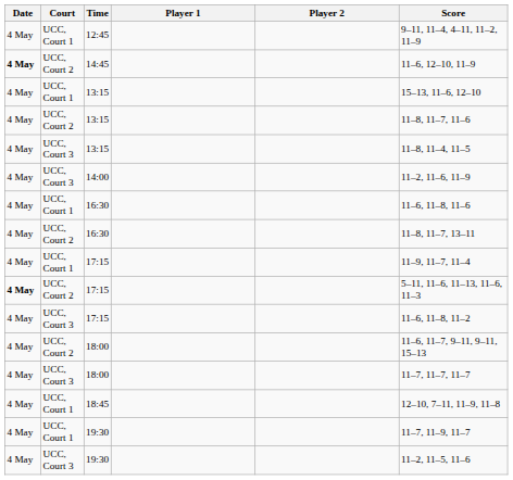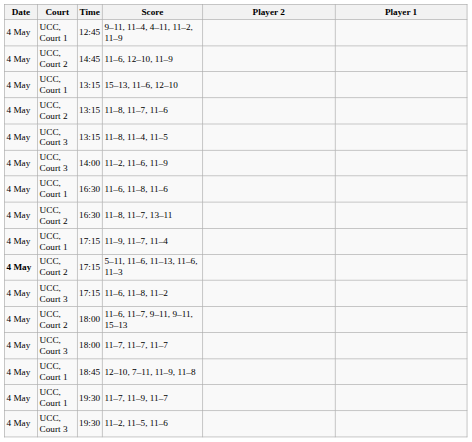 <table class="sortable wikitable" style="font-size:90%">
 <tr>
 <th width="45" class="unsortable">Date</th>
 <th width="55">Court</th>
 <th width="30">Time</th>
+<th width="150" class="unsortable">Score</th>
+<th width="200">Player 2</th>
 <th width="200">Player 1</th>
-<th width="200">Player 2</th>
-<th width="150" class="unsortable">Score</th>
 </tr>
 <tr>
 <td>4 May</td>
 <td>UCC, Court 1</td>
 <td>12:45</td>
+<td>9–11, 11–4, 4–11, 11–2, 11–9</td>
+<td><strong></strong></td>
 <td></td>
-<td><strong></strong></td>
-<td>9–11, 11–4, 4–11, 11–2, 11–9</td>
 </tr>
 <tr>
-<td><strong>4 May</strong></td>
+<td>4 May</td>
 <td>UCC, Court 2</td>
 <td>14:45</td>
+<td>11–6, 12–10, 11–9</td>
+<td><strong></strong></td>
 <td></td>
-<td><strong></strong></td>
-<td>11–6, 12–10, 11–9</td>
 </tr>
 <tr>
 <td>4 May</td>
 <td>UCC, Court 1</td>
 <td>13:15</td>
+<td>15–13, 11–6, 12–10</td>
+<td><strong></strong></td>
 <td></td>
-<td><strong></strong></td>
-<td>15–13, 11–6, 12–10</td>
 </tr>
 <tr>
 <td>4 May</td>
 <td>UCC, Court 2</td>
 <td>13:15</td>
+<td>11–8, 11–7, 11–6</td>
+<td></td>
 <td><strong></strong></td>
-<td></td>
-<td>11–8, 11–7, 11–6</td>
 </tr>
 <tr>
 <td>4 May</td>
 <td>UCC, Court 3</td>
 <td>13:15</td>
+<td>11–8, 11–4, 11–5</td>
+<td></td>
 <td><strong></strong></td>
-<td></td>
-<td>11–8, 11–4, 11–5</td>
 </tr>
 <tr>
 <td>4 May</td>
 <td>UCC, Court 3</td>
 <td>14:00</td>
+<td>11–2, 11–6, 11–9</td>
+<td></td>
 <td><strong></strong></td>
-<td></td>
-<td>11–2, 11–6, 11–9</td>
 </tr>
 <tr>
 <td>4 May</td>
 <td>UCC, Court 1</td>
 <td>16:30</td>
+<td>11–6, 11–8, 11–6</td>
+<td><strong></strong></td>
 <td></td>
-<td><strong></strong></td>
-<td>11–6, 11–8, 11–6</td>
 </tr>
 <tr>
 <td>4 May</td>
 <td>UCC, Court 2</td>
 <td>16:30</td>
+<td>11–8, 11–7, 13–11</td>
+<td><strong></strong></td>
 <td></td>
-<td><strong></strong></td>
-<td>11–8, 11–7, 13–11</td>
 </tr>
 <tr>
 <td>4 May</td>
 <td>UCC, Court 1</td>
 <td>17:15</td>
+<td>11–9, 11–7, 11–4</td>
+<td><strong></strong></td>
 <td></td>
-<td><strong></strong></td>
-<td>11–9, 11–7, 11–4</td>
 </tr>
 <tr>
 <td><strong>4 May</strong></td>
 <td>UCC, Court 2</td>
 <td>17:15</td>
+<td>5–11, 11–6, 11–13, 11–6, 11–3</td>
+<td></td>
 <td><strong></strong></td>
-<td></td>
-<td>5–11, 11–6, 11–13, 11–6, 11–3</td>
 </tr>
 <tr>
 <td>4 May</td>
 <td>UCC, Court 3</td>
 <td>17:15</td>
+<td>11–6, 11–8, 11–2</td>
+<td><strong></strong></td>
 <td></td>
-<td><strong></strong></td>
-<td>11–6, 11–8, 11–2</td>
 </tr>
 <tr>
 <td>4 May</td>
 <td>UCC, Court 2</td>
 <td>18:00</td>
+<td>11–6, 11–7, 9–11, 9–11, 15–13</td>
+<td></td>
 <td><strong></strong></td>
-<td></td>
-<td>11–6, 11–7, 9–11, 9–11, 15–13</td>
 </tr>
 <tr>
 <td>4 May</td>
 <td>UCC, Court 3</td>
 <td>18:00</td>
+<td>11–7, 11–7, 11–7</td>
+<td></td>
 <td><strong></strong></td>
-<td></td>
-<td>11–7, 11–7, 11–7</td>
 </tr>
 <tr>
 <td>4 May</td>
 <td>UCC, Court 1</td>
 <td>18:45</td>
+<td>12–10, 7–11, 11–9, 11–8</td>
+<td></td>
 <td><strong></strong></td>
-<td></td>
-<td>12–10, 7–11, 11–9, 11–8</td>
 </tr>
 <tr>
 <td>4 May</td>
 <td>UCC, Court 1</td>
 <td>19:30</td>
+<td>11–7, 11–9, 11–7</td>
+<td></td>
 <td><strong></strong></td>
-<td></td>
-<td>11–7, 11–9, 11–7</td>
 </tr>
 <tr>
 <td>4 May</td>
 <td>UCC, Court 3</td>
 <td>19:30</td>
+<td>11–2, 11–5, 11–6</td>
+<td></td>
 <td><strong></strong></td>
-<td></td>
-<td>11–2, 11–5, 11–6</td>
 </tr>
 </table>
